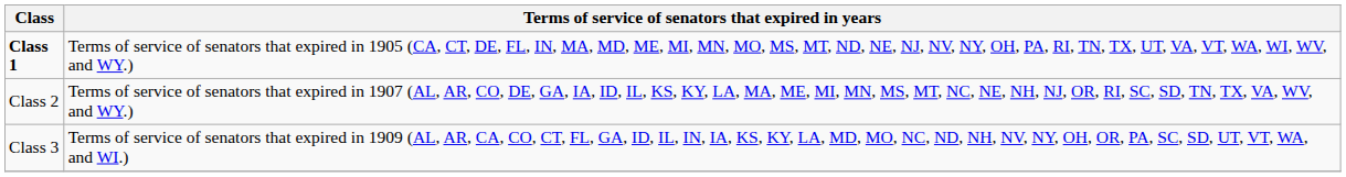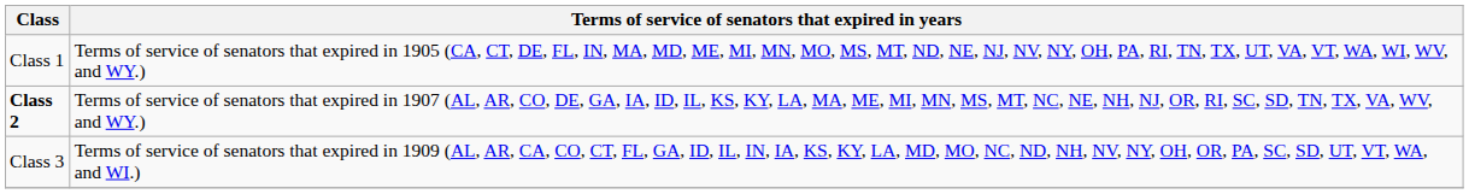 <table class="wikitable sortable">
 <tr valign=bottom>
 <th>Class</th>
 <th>Terms of service of senators that expired in years</th>
 </tr>
 <tr>
-<td><strong>Class 1</strong></td>
+<td>Class 1</td>
 <td>Terms of service of senators that expired in 1905 (<a href='#'>CA</a>, <a href='#'>CT</a>, <a href='#'>DE</a>, <a href='#'>FL</a>, <a href='#'>IN</a>, <a href='#'>MA</a>, <a href='#'>MD</a>, <a href='#'>ME</a>,  <a href='#'>MI</a>, <a href='#'>MN</a>, <a href='#'>MO</a>, <a href='#'>MS</a>, <a href='#'>MT</a>, <a href='#'>ND</a>, <a href='#'>NE</a>, <a href='#'>NJ</a>,  <a href='#'>NV</a>, <a href='#'>NY</a>, <a href='#'>OH</a>, <a href='#'>PA</a>, <a href='#'>RI</a>, <a href='#'>TN</a>, <a href='#'>TX</a>, <a href='#'>UT</a>, <a href='#'>VA</a>, <a href='#'>VT</a>, <a href='#'>WA</a>, <a href='#'>WI</a>, <a href='#'>WV</a>, and <a href='#'>WY</a>.)</td>
 </tr>
 <tr>
-<td>Class 2</td>
+<td><strong>Class 2</strong></td>
 <td>Terms of service of senators that expired in 1907 (<a href='#'>AL</a>, <a href='#'>AR</a>, <a href='#'>CO</a>, <a href='#'>DE</a>, <a href='#'>GA</a>, <a href='#'>IA</a>, <a href='#'>ID</a>, <a href='#'>IL</a>, <a href='#'>KS</a>, <a href='#'>KY</a>, <a href='#'>LA</a>, <a href='#'>MA</a>, <a href='#'>ME</a>, <a href='#'>MI</a>, <a href='#'>MN</a>, <a href='#'>MS</a>, <a href='#'>MT</a>, <a href='#'>NC</a>, <a href='#'>NE</a>, <a href='#'>NH</a>, <a href='#'>NJ</a>, <a href='#'>OR</a>, <a href='#'>RI</a>, <a href='#'>SC</a>, <a href='#'>SD</a>, <a href='#'>TN</a>, <a href='#'>TX</a>, <a href='#'>VA</a>, <a href='#'>WV</a>, and <a href='#'>WY</a>.)</td>
 </tr>
 <tr>
 <td>Class 3</td>
 <td>Terms of service of senators that expired in 1909 (<a href='#'>AL</a>, <a href='#'>AR</a>, <a href='#'>CA</a>, <a href='#'>CO</a>, <a href='#'>CT</a>, <a href='#'>FL</a>, <a href='#'>GA</a>, <a href='#'>ID</a>, <a href='#'>IL</a>, <a href='#'>IN</a>, <a href='#'>IA</a>, <a href='#'>KS</a>, <a href='#'>KY</a>, <a href='#'>LA</a>, <a href='#'>MD</a>, <a href='#'>MO</a>, <a href='#'>NC</a>, <a href='#'>ND</a>, <a href='#'>NH</a>, <a href='#'>NV</a>, <a href='#'>NY</a>, <a href='#'>OH</a>, <a href='#'>OR</a>, <a href='#'>PA</a>, <a href='#'>SC</a>, <a href='#'>SD</a>, <a href='#'>UT</a>, <a href='#'>VT</a>, <a href='#'>WA</a>, and <a href='#'>WI</a>.)</td>
 </tr>
 <tr>
 </tr>
 </table>
